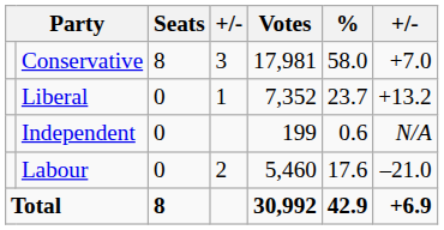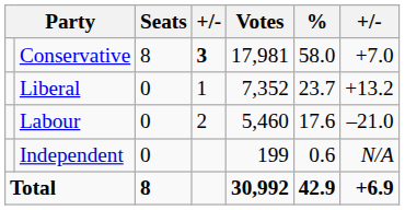 <table class="wikitable sortable">
 <tr>
 <th colspan="2">Party</th>
 <th>Seats</th>
 <th>+/-</th>
 <th>Votes</th>
 <th>%</th>
 <th>+/-</th>
 </tr>
 <tr>
 <td style="background-color: "></td>
 <td><a href='#'>Conservative</a></td>
 <td>8</td>
-<td> 3</td>
+<td><strong> 3</strong></td>
 <td style="text-align:right;">17,981</td>
 <td style="text-align:right;">58.0</td>
 <td style="text-align:right;">+7.0</td>
 </tr>
 <tr>
 <td style="background-color: "></td>
 <td><a href='#'>Liberal</a></td>
 <td>0</td>
 <td> 1</td>
 <td style="text-align:right;">7,352</td>
 <td style="text-align:right;">23.7</td>
 <td style="text-align:right;">+13.2</td>
 </tr>
 <tr>
 <td style="background-color: "></td>
+<td><a href='#'>Labour</a></td>
+<td>0</td>
+<td> 2</td>
+<td style="text-align:right;">5,460</td>
+<td style="text-align:right;">17.6</td>
+<td style="text-align:right;">–21.0</td>
+</tr>
+<tr>
+<td style="background-color: "></td>
 <td><a href='#'>Independent</a></td>
 <td>0</td>
 <td></td>
 <td style="text-align:right;">199</td>
 <td style="text-align:right;">0.6</td>
 <td style="text-align:right;"><em>N/A</em></td>
-</tr>
-<tr>
-<td style="background-color: "></td>
-<td><a href='#'>Labour</a></td>
-<td>0</td>
-<td> 2</td>
-<td style="text-align:right;">5,460</td>
-<td style="text-align:right;">17.6</td>
-<td style="text-align:right;">–21.0</td>
 </tr>
 <tr>
 <td colspan="2"><strong>Total</strong></td>
 <td><strong>8</strong></td>
 <td></td>
 <td style="text-align:right;"><strong>30,992</strong></td>
 <td style="text-align:right;"><strong>42.9</strong></td>
 <td style="text-align:right;"><strong>+6.9</strong></td>
 </tr>
 </table>
